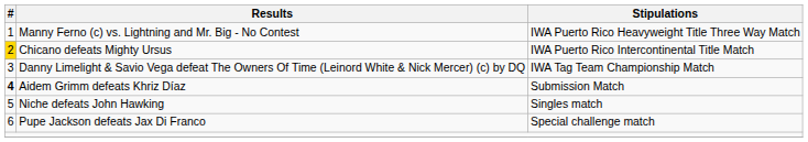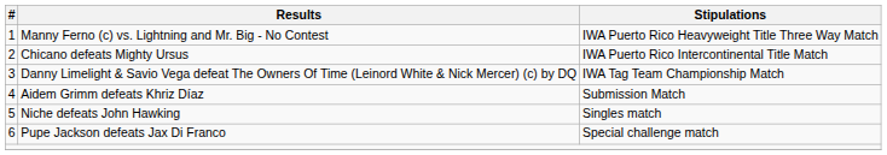 <table class="wikitable">
 <tr>
 <th>#</th>
 <th>Results</th>
 <th>Stipulations</th>
 </tr>
 <tr>
 <td>1</td>
 <td>Manny Ferno (c) vs. Lightning and Mr. Big - No Contest</td>
 <td>IWA Puerto Rico Heavyweight Title Three Way Match</td>
 </tr>
 <tr>
-<td style="background: gold;">2</td>
+<td>2</td>
 <td>Chicano defeats Mighty Ursus</td>
 <td>IWA Puerto Rico Intercontinental Title Match</td>
 </tr>
 <tr>
 <td>3</td>
 <td>Danny Limelight & Savio Vega defeat The Owners Of Time (Leinord White & Nick Mercer) (c) by DQ</td>
 <td>IWA Tag Team Championship Match</td>
 </tr>
 <tr>
-<td><strong>4</strong></td>
+<td>4</td>
 <td>Aidem Grimm defeats Khriz Díaz</td>
 <td>Submission Match</td>
 </tr>
 <tr>
 <td>5</td>
 <td>Niche defeats John Hawking</td>
 <td>Singles match</td>
 </tr>
 <tr>
 <td>6</td>
 <td>Pupe Jackson defeats Jax Di Franco</td>
 <td>Special challenge match</td>
 </tr>
 <tr>
 <td colspan="10"></td>
 </tr>
 <tr>
 </tr>
 </table>
